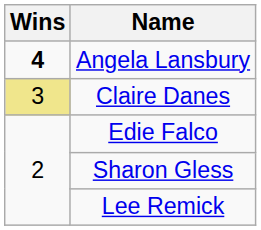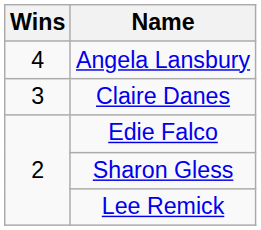 <table class="wikitable sortable" style="text-align: center;">
 <tr>
 <th scope="col">Wins</th>
 <th scope="col" align="center">Name</th>
 </tr>
 <tr>
-<td rowspan="1"><strong>4</strong></td>
+<td rowspan="1">4</td>
 <td><a href='#'>Angela Lansbury</a></td>
 </tr>
 <tr>
-<td rowspan="1" style="background: khaki;">3</td>
+<td rowspan="1">3</td>
 <td><a href='#'>Claire Danes</a></td>
 </tr>
 <tr>
 <td rowspan="3">2</td>
 <td><a href='#'>Edie Falco</a></td>
 </tr>
 <tr>
 <td><a href='#'>Sharon Gless</a></td>
 </tr>
 <tr>
 <td><a href='#'>Lee Remick</a></td>
 </tr>
 </table>
